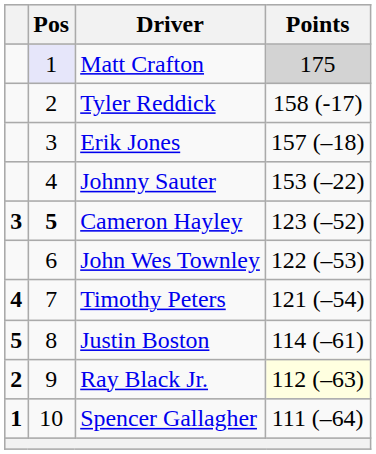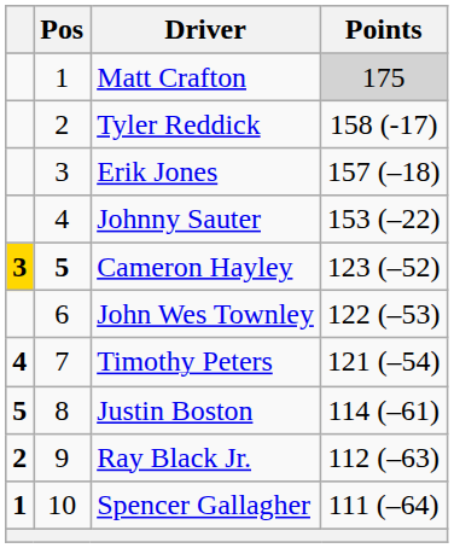 <table class="wikitable" style="font-size: 95%;">
 <tr>
 <th></th>
 <th>Pos</th>
 <th>Driver</th>
 <th>Points</th>
 </tr>
 <tr>
 <td align="left"></td>
-<td style="background: lavender; text-align:center;">1</td>
+<td style="text-align:center;">1</td>
 <td><a href='#'>Matt Crafton</a></td>
 <td style="background: lightgrey; text-align:center;">175</td>
 </tr>
 <tr>
 <td align="left"></td>
 <td style="text-align:center;">2</td>
 <td><a href='#'>Tyler Reddick</a></td>
 <td style="text-align:center;">158 (-17)</td>
 </tr>
 <tr>
 <td align="left"></td>
 <td style="text-align:center;">3</td>
 <td><a href='#'>Erik Jones</a></td>
 <td style="text-align:center;">157 (–18)</td>
 </tr>
 <tr>
 <td align="left"></td>
 <td style="text-align:center;">4</td>
 <td><a href='#'>Johnny Sauter</a></td>
 <td style="text-align:center;">153 (–22)</td>
 </tr>
 <tr>
-<td align="left"> <strong>3</strong></td>
+<td align="left" style="background: gold;"> <strong>3</strong></td>
 <td style="text-align:center;"><strong>5</strong></td>
 <td><a href='#'>Cameron Hayley</a></td>
 <td style="text-align:center;">123 (–52)</td>
 </tr>
 <tr>
 <td align="left"></td>
 <td style="text-align:center;">6</td>
 <td><a href='#'>John Wes Townley</a></td>
 <td style="text-align:center;">122 (–53)</td>
 </tr>
 <tr>
 <td align="left"> <strong>4</strong></td>
 <td style="text-align:center;">7</td>
 <td><a href='#'>Timothy Peters</a></td>
 <td style="text-align:center;">121 (–54)</td>
 </tr>
 <tr>
 <td align="left"> <strong>5</strong></td>
 <td style="text-align:center;">8</td>
 <td><a href='#'>Justin Boston</a></td>
 <td style="text-align:center;">114 (–61)</td>
 </tr>
 <tr>
 <td align="left"> <strong>2</strong></td>
 <td style="text-align:center;">9</td>
 <td><a href='#'>Ray Black Jr.</a></td>
-<td style="background: lightyellow; text-align:center;">112 (–63)</td>
+<td style="text-align:center;">112 (–63)</td>
 </tr>
 <tr>
 <td align="left"> <strong>1</strong></td>
 <td style="text-align:center;">10</td>
 <td><a href='#'>Spencer Gallagher</a></td>
 <td style="text-align:center;">111 (–64)</td>
 </tr>
 <tr>
 <th colspan="9"></th>
 </tr>
 </table>
